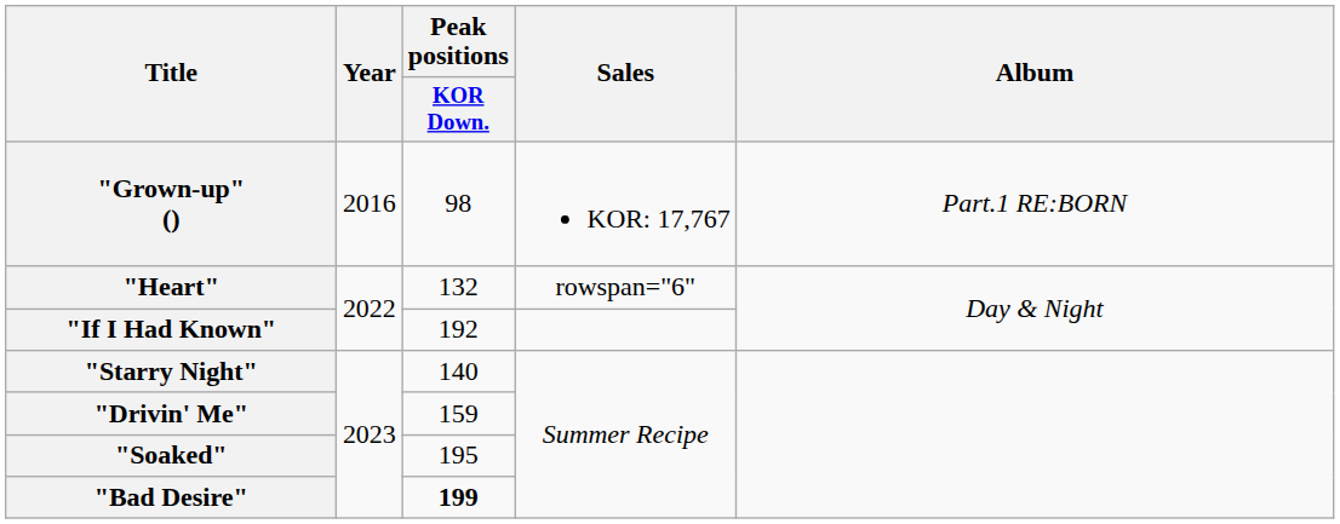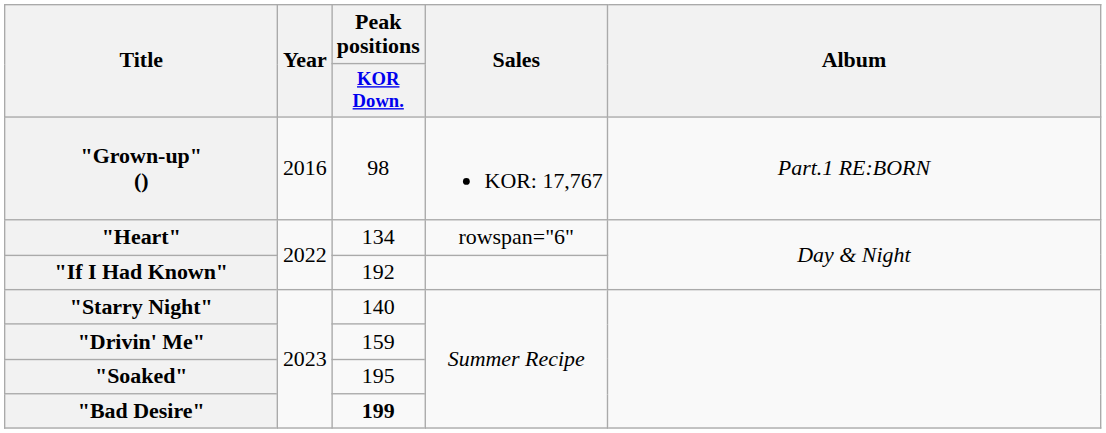 <table class="wikitable plainrowheaders" style="text-align:center">
 <tr>
 <th scope="col" rowspan="2" style="width:12em">Title</th>
 <th scope="col" rowspan="2" style="width:2em">Year</th>
 <th scope="col" colspan="1">Peak positions</th>
 <th scope="col" rowspan="2">Sales</th>
 <th scope="col" rowspan="2" style="width:22em">Album</th>
 </tr>
 <tr>
 <th scope="col" style="width:3em;font-size:85%"><a href='#'>KOR <br> Down.</a><br></th>
 </tr>
 <tr>
 <th scope="row">"Grown-up"<br>()</th>
 <td>2016</td>
 <td>98</td>
 <td><br><ul><li>KOR: 17,767</li></ul></td>
 <td><em>Part.1 RE:BORN</em></td>
 </tr>
 <tr>
 <th scope="row">"Heart"<br></th>
 <td rowspan="2">2022</td>
-<td>132</td>
+<td>134</td>
 <td>rowspan="6" </td>
 <td rowspan="2"><em>Day & Night</em></td>
 </tr>
 <tr>
 <th scope="row">"If I Had Known"</th>
 <td>192</td>
 </tr>
 <tr>
 <th scope="row">"Starry Night"<br></th>
 <td rowspan="4">2023</td>
 <td>140</td>
 <td rowspan="4"><em>Summer Recipe</em></td>
 </tr>
 <tr>
 <th scope="row">"Drivin' Me"</th>
 <td>159</td>
 </tr>
 <tr>
 <th scope="row">"Soaked"</th>
 <td>195</td>
 </tr>
 <tr>
 <th scope="row">"Bad Desire"</th>
 <td><strong>199</strong></td>
 </tr>
 </table>
